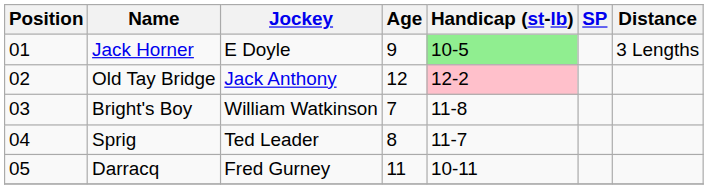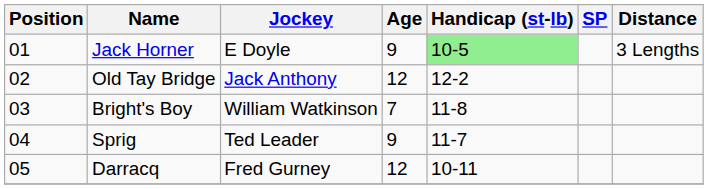 <table class="wikitable sortable">
 <tr>
 <th data-sort-type="number"><strong>Position</strong></th>
 <th>Name</th>
 <th><a href='#'>Jockey</a></th>
 <th data-sort-type="number">Age</th>
 <th>Handicap (<a href='#'>st</a>-<a href='#'>lb</a>)</th>
 <th><a href='#'>SP</a></th>
 <th>Distance</th>
 </tr>
 <tr>
 <td>01</td>
 <td><a href='#'>Jack Horner</a></td>
 <td>E Doyle</td>
 <td>9</td>
 <td style="background: lightgreen;">10-5</td>
 <td></td>
 <td>3 Lengths</td>
 </tr>
 <tr>
 <td>02</td>
 <td>Old Tay Bridge</td>
 <td><a href='#'>Jack Anthony</a></td>
 <td>12</td>
-<td style="background: pink;">12-2</td>
+<td>12-2</td>
 <td></td>
 <td></td>
 </tr>
 <tr>
 <td>03</td>
 <td>Bright's Boy</td>
 <td>William Watkinson</td>
 <td>7</td>
 <td>11-8</td>
 <td></td>
 <td></td>
 </tr>
 <tr>
 <td>04</td>
 <td>Sprig</td>
 <td>Ted Leader</td>
-<td>8</td>
+<td>9</td>
 <td>11-7</td>
 <td></td>
 <td></td>
 </tr>
 <tr>
 <td>05</td>
 <td>Darracq</td>
 <td>Fred Gurney</td>
-<td>11</td>
+<td>12</td>
 <td>10-11</td>
 <td></td>
 <td></td>
 </tr>
 <tr>
 </tr>
 </table>
